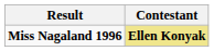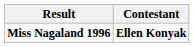 <table class="wikitable">
 <tr>
 <th>Result</th>
 <th>Contestant</th>
 </tr>
 <tr>
 <td><strong>Miss Nagaland 1996</strong></td>
-<td style="background: khaki;"><strong>Ellen Konyak</strong></td>
+<td><strong>Ellen Konyak</strong></td>
 </tr>
 </table>
